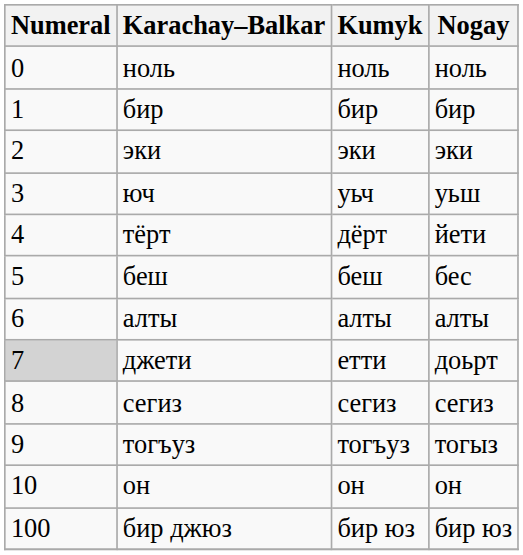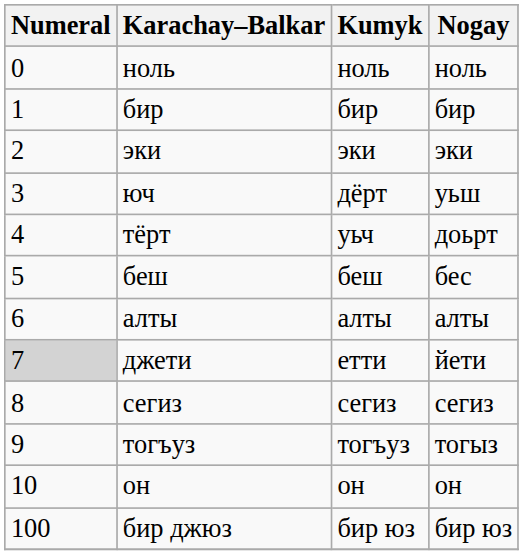 <table class="wikitable">
 <tr>
 <th>Numeral</th>
 <th>Karachay–Balkar</th>
 <th>Kumyk</th>
 <th>Nogay</th>
 </tr>
 <tr>
 <td>0</td>
 <td>ноль</td>
 <td>ноль</td>
 <td>ноль</td>
 </tr>
 <tr>
 <td>1</td>
 <td>бир</td>
 <td>бир</td>
 <td>бир</td>
 </tr>
 <tr>
 <td>2</td>
 <td>эки</td>
 <td>эки</td>
 <td>эки</td>
 </tr>
 <tr>
 <td>3</td>
 <td>юч</td>
-<td>уьч</td>
+<td>дёрт</td>
 <td>уьш</td>
 </tr>
 <tr>
 <td>4</td>
 <td>тёрт</td>
-<td>дёрт</td>
-<td>йети</td>
+<td>уьч</td>
+<td>доьрт</td>
 </tr>
 <tr>
 <td>5</td>
 <td>беш</td>
 <td>беш</td>
 <td>бес</td>
 </tr>
 <tr>
 <td>6</td>
 <td>алты</td>
 <td>алты</td>
 <td>алты</td>
 </tr>
 <tr>
 <td style="background: lightgrey;">7</td>
 <td>джети</td>
 <td>етти</td>
-<td>доьрт</td>
+<td>йети</td>
 </tr>
 <tr>
 <td>8</td>
 <td>сегиз</td>
 <td>сегиз</td>
 <td>сегиз</td>
 </tr>
 <tr>
 <td>9</td>
 <td>тогъуз</td>
 <td>тогъуз</td>
 <td>тогыз</td>
 </tr>
 <tr>
 <td>10</td>
 <td>он</td>
 <td>он</td>
 <td>он</td>
 </tr>
 <tr>
 <td>100</td>
 <td>бир джюз</td>
 <td>бир юз</td>
 <td>бир юз</td>
 </tr>
 <tr>
 </tr>
 </table>
